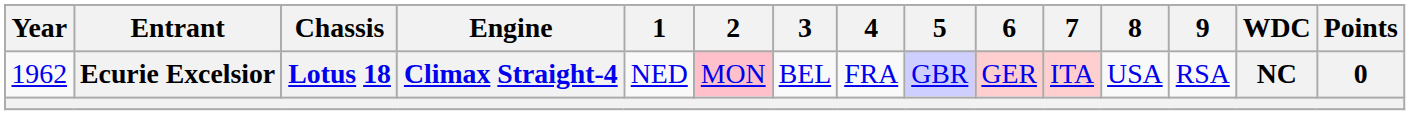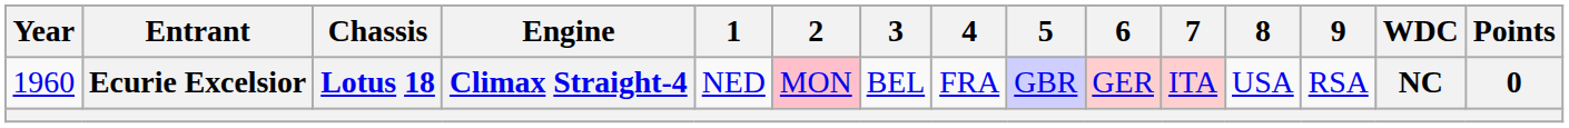 <table class="wikitable" style="text-align:center; font-size:90%">
 <tr>
 <th>Year</th>
 <th>Entrant</th>
 <th>Chassis</th>
 <th>Engine</th>
 <th>1</th>
 <th>2</th>
 <th>3</th>
 <th>4</th>
 <th>5</th>
 <th>6</th>
 <th>7</th>
 <th>8</th>
 <th>9</th>
 <th>WDC</th>
 <th>Points</th>
 </tr>
 <tr>
-<td><a href='#'>1962</a></td>
+<td><a href='#'>1960</a></td>
 <th>Ecurie Excelsior</th>
 <th><a href='#'>Lotus</a> <a href='#'>18</a></th>
 <th><a href='#'>Climax</a> <a href='#'>Straight-4</a></th>
 <td><a href='#'>NED</a></td>
 <td style="background: pink;"><a href='#'>MON</a></td>
 <td><a href='#'>BEL</a></td>
 <td><a href='#'>FRA</a></td>
 <td style="background:#CFCFFF;"><a href='#'>GBR</a><br></td>
 <td style="background:#FFCFCF;"><a href='#'>GER</a><br></td>
 <td style="background:#FFCFCF;"><a href='#'>ITA</a><br></td>
 <td><a href='#'>USA</a></td>
 <td><a href='#'>RSA</a></td>
 <th>NC</th>
 <th>0</th>
 </tr>
 <tr>
 <th colspan="16"></th>
 </tr>
 </table>
